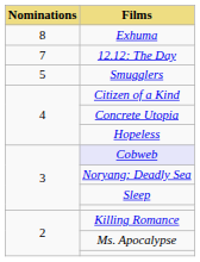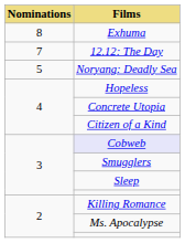 <table class="wikitable" style="text-align:center">
 <tr>
 <th style="background:#EEDD82; text-align:center">Nominations</th>
 <th style="background:#EEDD82; text-align:center">Films</th>
 </tr>
 <tr>
 <td style="text-align:center">8</td>
 <td><em><a href='#'>Exhuma</a></em></td>
 </tr>
 <tr>
 <td style="text-align:center">7</td>
 <td><em><a href='#'>12.12: The Day</a></em></td>
 </tr>
 <tr>
 <td style="text-align:center">5</td>
-<td><em><a href='#'>Smugglers</a></em></td>
+<td><em><a href='#'>Noryang: Deadly Sea</a></em></td>
 </tr>
 <tr>
 <td rowspan="3" style="text-align:center">4</td>
-<td><em><a href='#'>Citizen of a Kind</a></em></td>
+<td><em><a href='#'>Hopeless</a></em></td>
 </tr>
 <tr>
 <td><em><a href='#'>Concrete Utopia</a></em></td>
 </tr>
 <tr>
-<td><em><a href='#'>Hopeless</a></em></td>
+<td><em><a href='#'>Citizen of a Kind</a></em></td>
 </tr>
 <tr>
 <td rowspan="4" style="text-align:center">3</td>
 <td style="background: lavender;"><em><a href='#'>Cobweb</a></em></td>
 </tr>
 <tr>
-<td><em><a href='#'>Noryang: Deadly Sea</a></em></td>
+<td><em><a href='#'>Smugglers</a></em></td>
 </tr>
 <tr>
 <td><em><a href='#'>Sleep</a></em></td>
 </tr>
 <tr>
 <td><em></em></td>
 </tr>
 <tr>
 <td rowspan="3" style="text-align:center">2</td>
 <td><em><a href='#'>Killing Romance</a></em></td>
 </tr>
 <tr>
 <td><em>Ms. Apocalypse</em></td>
 </tr>
 <tr>
 <td><em></em></td>
 </tr>
 </table>
